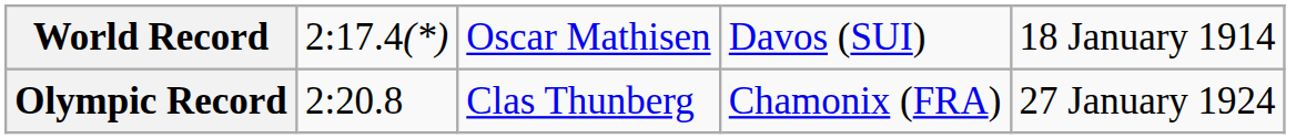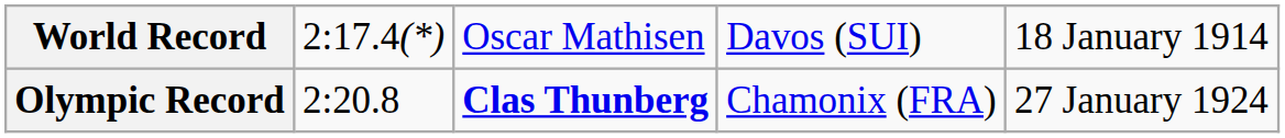 <table class="wikitable" style="font-size:95%;">
 <tr>
 <th>World Record</th>
 <td>2:17.4<em>(*)</em></td>
 <td> <a href='#'>Oscar Mathisen</a></td>
 <td><a href='#'>Davos</a> (<a href='#'>SUI</a>)</td>
 <td>18 January 1914</td>
 </tr>
 <tr>
 <th>Olympic Record</th>
 <td>2:20.8</td>
-<td> <a href='#'>Clas Thunberg</a></td>
+<td><strong> <a href='#'>Clas Thunberg</a></strong></td>
 <td><a href='#'>Chamonix</a> (<a href='#'>FRA</a>)</td>
 <td>27 January 1924</td>
 </tr>
 </table>
